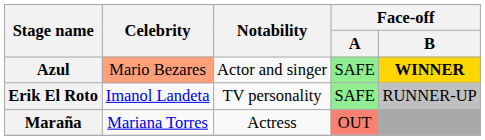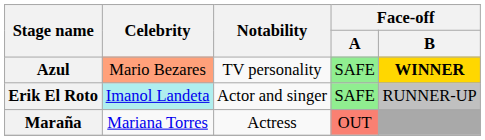 <table class="wikitable" style="text-align:center; ">
 <tr>
 <th rowspan=2>Stage name</th>
 <th rowspan=2>Celebrity</th>
 <th rowspan=2>Notability</th>
 <th colspan=3>Face-off</th>
 </tr>
 <tr>
 <th>A</th>
 <th>B</th>
 </tr>
 <tr>
 <th>Azul</th>
 <td style="background: lightsalmon;">Mario Bezares</td>
-<td>Actor and singer</td>
+<td>TV personality</td>
 <td bgcolor=lightgreen>SAFE</td>
 <td bgcolor=gold><strong>WINNER</strong></td>
 </tr>
 <tr>
 <th>Erik El Roto</th>
-<td><a href='#'>Imanol Landeta</a></td>
-<td>TV personality</td>
+<td style="background: paleturquoise;"><a href='#'>Imanol Landeta</a></td>
+<td>Actor and singer</td>
 <td bgcolor=lightgreen>SAFE</td>
 <td bgcolor=silver>RUNNER-UP</td>
 </tr>
 <tr>
 <th>Maraña</th>
 <td><a href='#'>Mariana Torres</a></td>
 <td>Actress</td>
 <td bgcolor=salmon>OUT</td>
 <td bgcolor=darkgrey></td>
 </tr>
 <tr>
 </tr>
 </table>
